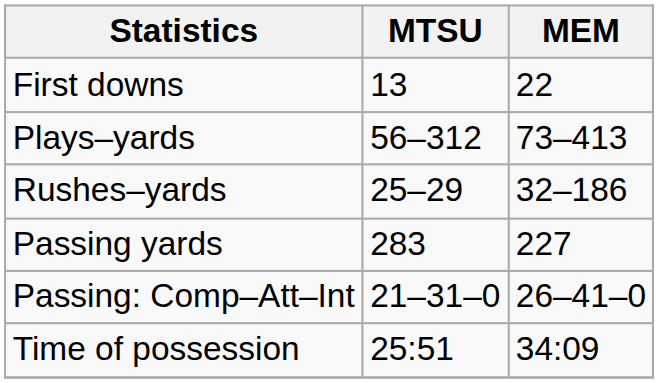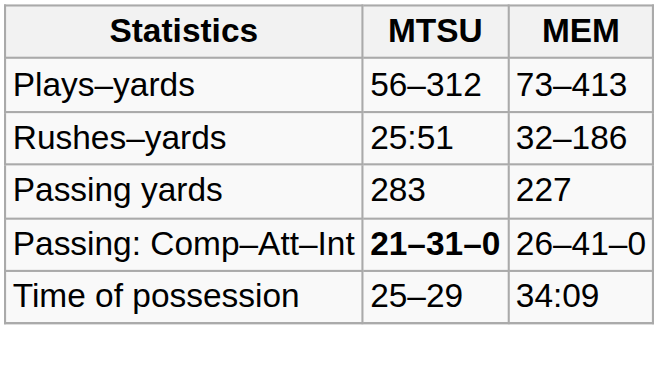 <table class="wikitable" style="float: left;">
 <tr>
 <th>Statistics</th>
 <th>MTSU</th>
 <th>MEM</th>
-</tr>
-<tr>
-<td>First downs</td>
-<td>13</td>
-<td>22</td>
 </tr>
 <tr>
 <td>Plays–yards</td>
 <td>56–312</td>
 <td>73–413</td>
 </tr>
 <tr>
 <td>Rushes–yards</td>
-<td>25–29</td>
+<td>25:51</td>
 <td>32–186</td>
 </tr>
 <tr>
 <td>Passing yards</td>
 <td>283</td>
 <td>227</td>
 </tr>
 <tr>
 <td>Passing: Comp–Att–Int</td>
-<td>21–31–0</td>
+<td><strong>21–31–0</strong></td>
 <td>26–41–0</td>
 </tr>
 <tr>
 <td>Time of possession</td>
-<td>25:51</td>
+<td>25–29</td>
 <td>34:09</td>
 </tr>
 <tr>
 </tr>
 </table>
